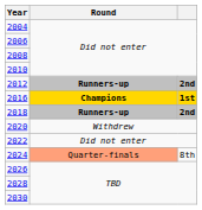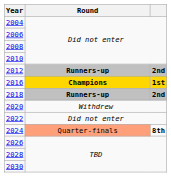 <table class="wikitable" style="text-align: center; font-size:90%">
 <tr>
 <th>Year</th>
 <th style="width:200px">Round</th>
 <th></th>
 </tr>
 <tr>
 <td><a href='#'>2004</a></td>
 <td colspan="2" rowspan="4"><em>Did not enter</em></td>
 </tr>
 <tr>
 <td><a href='#'>2006</a></td>
 </tr>
 <tr>
 <td><a href='#'>2008</a></td>
 </tr>
 <tr>
 <td><a href='#'>2010</a></td>
 </tr>
 <tr>
 <td><a href='#'>2012</a></td>
 <td bgcolor=Silver><strong>Runners-up</strong></td>
 <td bgcolor=Silver><strong>2nd</strong></td>
 </tr>
 <tr>
 <td><a href='#'>2016</a></td>
 <td bgcolor=Gold><strong>Champions</strong></td>
 <td bgcolor=Gold><strong>1st</strong></td>
 </tr>
 <tr>
 <td><a href='#'>2018</a></td>
 <td bgcolor=Silver><strong>Runners-up</strong></td>
 <td bgcolor=Silver><strong>2nd</strong></td>
 </tr>
 <tr>
 <td><a href='#'>2020</a></td>
 <td colspan="2"><em>Withdrew</em></td>
 </tr>
 <tr>
 <td><a href='#'>2022</a></td>
 <td colspan="2"><em>Did not enter</em></td>
 </tr>
 <tr>
 <td><a href='#'>2024</a></td>
 <td style="background: lightsalmon;">Quarter-finals</td>
-<td>8th</td>
+<td><strong>8th</strong></td>
 </tr>
 <tr>
 <td><a href='#'>2026</a></td>
 <td colspan="2" rowspan="3"><em>TBD</em></td>
 </tr>
 <tr>
 <td><a href='#'>2028</a></td>
 </tr>
 <tr>
 <td><a href='#'>2030</a></td>
 </tr>
 </table>
